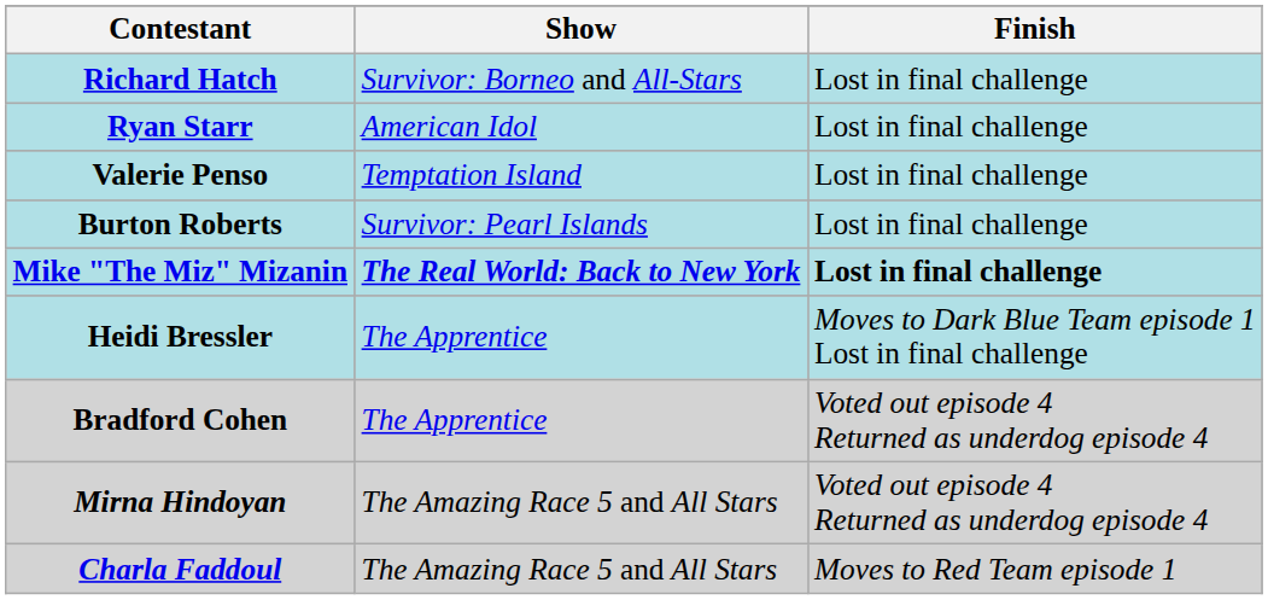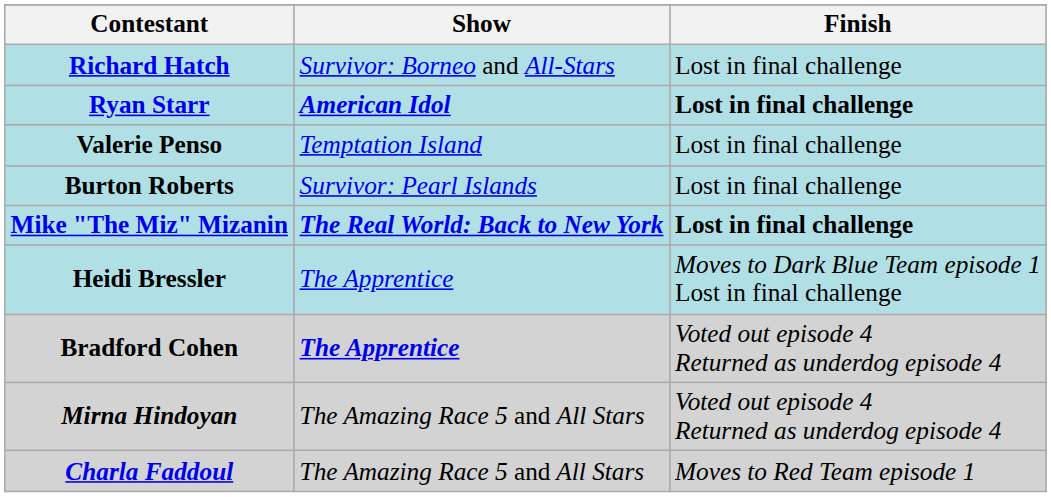 <table class="wikitable plainrowheaders sortable">
 <tr>
 </tr>
 <tr>
 <th scope="col">Contestant</th>
 <th scope="col">Show</th>
 <th scope="col">Finish</th>
 </tr>
 <tr style="background-color:powderblue">
 <th scope="row" style="background-color:powderblue"><a href='#'>Richard Hatch</a></th>
 <td><em><a href='#'>Survivor: Borneo</a></em> and <em><a href='#'>All-Stars</a></em></td>
 <td>Lost in final challenge</td>
 </tr>
 <tr style="background-color:powderblue">
 <th scope="row" style="background-color:powderblue"><a href='#'>Ryan Starr</a></th>
-<td><em><a href='#'>American Idol</a></em></td>
-<td>Lost in final challenge</td>
+<td><strong><em><a href='#'>American Idol</a></em></strong></td>
+<td><strong>Lost in final challenge</strong></td>
 </tr>
 <tr style="background-color:powderblue">
 <th scope="row" style="background-color:powderblue">Valerie Penso</th>
 <td><em><a href='#'>Temptation Island</a></em></td>
 <td>Lost in final challenge</td>
 </tr>
 <tr style="background-color:powderblue">
 <th scope="row" style="background-color:powderblue">Burton Roberts</th>
 <td><em><a href='#'>Survivor: Pearl Islands</a></em></td>
 <td>Lost in final challenge</td>
 </tr>
 <tr style="background-color:powderblue">
 <th scope="row" style="background-color:powderblue"><strong><a href='#'>Mike "The Miz" Mizanin</a></strong></th>
 <td><strong><em><a href='#'>The Real World: Back to New York</a></em></strong></td>
 <td><strong>Lost in final challenge</strong></td>
 </tr>
 <tr style="background-color:powderblue">
 <th scope="row" style="background-color:powderblue">Heidi Bressler</th>
 <td><em><a href='#'>The Apprentice</a></em></td>
 <td><em>Moves to Dark Blue Team episode 1</em><br>Lost in final challenge</td>
 </tr>
 <tr style="background-color:lightgray">
 <th scope="row" style="background-color:lightgray">Bradford Cohen</th>
-<td><em><a href='#'>The Apprentice</a></em></td>
+<td><strong><em><a href='#'>The Apprentice</a></em></strong></td>
 <td><em>Voted out episode 4<br>Returned as underdog episode 4</em></td>
 </tr>
 <tr style="background-color:lightgray">
 <th scope="row" style="background-color:lightgray"><em>Mirna Hindoyan</em></th>
 <td><em>The Amazing Race 5</em> and <em>All Stars</em></td>
 <td><em>Voted out episode 4<br>Returned as underdog episode 4</em></td>
 </tr>
 <tr style="background-color:lightgray">
 <th scope="row" style="background-color:lightgray"><em><a href='#'>Charla Faddoul</a></em></th>
 <td><em>The Amazing Race 5</em> and<em> All Stars</em></td>
 <td><em>Moves to Red Team episode 1</em></td>
 </tr>
 </table>
